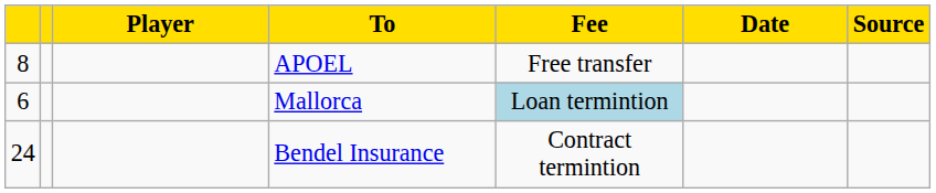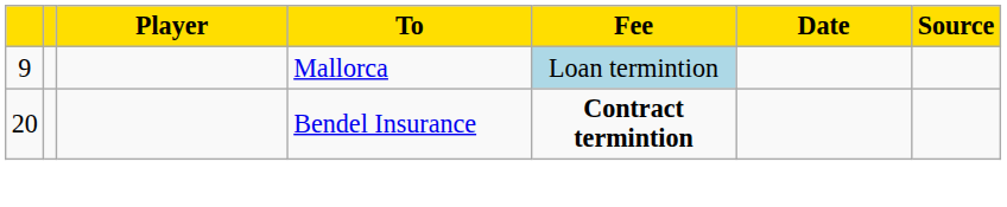 <table class="wikitable sortable">
 <tr>
 <th style="background:#FFDE00"></th>
 <th style="background:#FFDE00"></th>
 <th width=200 style="background:#FFDE00">Player</th>
 <th width=200 style="background:#FFDE00">To</th>
 <th width=150 style="background:#FFDE00">Fee</th>
 <th width=150 style="background:#FFDE00">Date</th>
 <th style="background:#FFDE00">Source</th>
 </tr>
 <tr>
-<td align=center>8</td>
-<td align=center></td>
-<td></td>
-<td> <a href='#'>APOEL</a></td>
-<td align=center>Free transfer</td>
-<td align=center></td>
-<td align=center></td>
-</tr>
-<tr>
-<td align=center>6</td>
+<td align=center>9</td>
 <td align=center></td>
 <td></td>
 <td> <a href='#'>Mallorca</a></td>
 <td align=center style="background: lightblue;">Loan termintion</td>
 <td align=center></td>
 <td align=center></td>
 </tr>
 <tr>
-<td align=center>24</td>
+<td align=center>20</td>
 <td align=center></td>
 <td></td>
 <td> <a href='#'>Bendel Insurance</a></td>
-<td align=center>Contract termintion</td>
+<td align=center><strong>Contract termintion</strong></td>
 <td align=center></td>
 <td align=center></td>
 </tr>
 </table>
